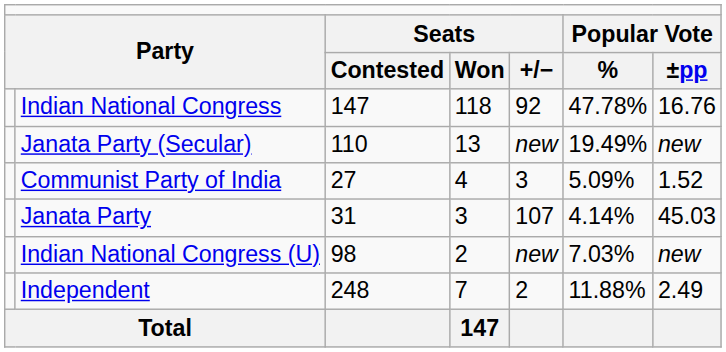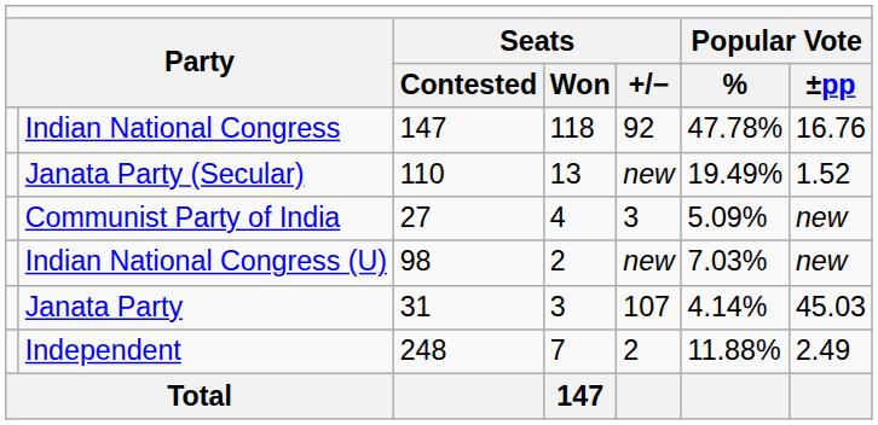 <table class="wikitable">
 <tr>
 <td colspan="7"></td>
 </tr>
 <tr>
 <th colspan="2" rowspan="2">Party</th>
 <th colspan="3">Seats</th>
 <th colspan="2">Popular Vote</th>
 </tr>
 <tr>
 <th>Contested</th>
 <th>Won</th>
 <th><strong>+/−</strong></th>
 <th>%</th>
 <th>±<a href='#'>pp</a></th>
 </tr>
 <tr>
 <td style="background-color: "></td>
 <td><a href='#'>Indian National Congress</a></td>
 <td>147</td>
 <td>118</td>
 <td>92</td>
 <td>47.78%</td>
 <td>16.76</td>
 </tr>
 <tr>
 <td style="background-color: "></td>
 <td><a href='#'>Janata Party (Secular)</a></td>
 <td>110</td>
 <td>13</td>
 <td><em>new</em></td>
 <td>19.49%</td>
-<td><em>new</em></td>
+<td>1.52</td>
 </tr>
 <tr>
 <td style="background-color: "></td>
 <td><a href='#'>Communist Party of India</a></td>
 <td>27</td>
 <td>4</td>
 <td>3</td>
 <td>5.09%</td>
-<td>1.52</td>
+<td><em>new</em></td>
+</tr>
+<tr>
+<td style="background-color: "></td>
+<td><a href='#'>Indian National Congress (U)</a></td>
+<td>98</td>
+<td>2</td>
+<td><em>new</em></td>
+<td>7.03%</td>
+<td><em>new</em></td>
 </tr>
 <tr>
 <td style="background-color: "></td>
 <td><a href='#'>Janata Party</a></td>
 <td>31</td>
 <td>3</td>
 <td>107</td>
 <td>4.14%</td>
 <td>45.03</td>
-</tr>
-<tr>
-<td style="background-color: "></td>
-<td><a href='#'>Indian National Congress (U)</a></td>
-<td>98</td>
-<td>2</td>
-<td><em>new</em></td>
-<td>7.03%</td>
-<td><em>new</em></td>
 </tr>
 <tr>
 <td style="background-color: "></td>
 <td><a href='#'>Independent</a></td>
 <td>248</td>
 <td>7</td>
 <td>2</td>
 <td>11.88%</td>
 <td>2.49</td>
 </tr>
 <tr>
 <th colspan="2">Total</th>
 <th></th>
 <th>147</th>
 <th></th>
 <th></th>
 <th></th>
 </tr>
 </table>
